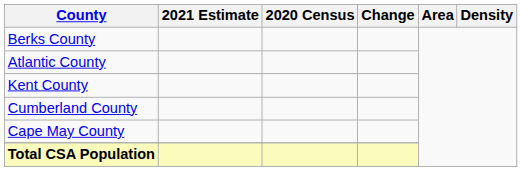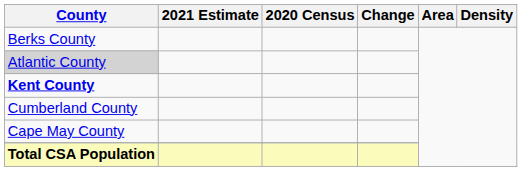 <table class="wikitable sortable">
 <tr>
 <th><a href='#'>County</a></th>
 <th>2021 Estimate</th>
 <th>2020 Census</th>
 <th>Change</th>
 <th>Area</th>
 <th>Density</th>
 </tr>
 <tr>
 <td><a href='#'>Berks County</a></td>
 <td></td>
 <td></td>
 <td></td>
 </tr>
 <tr>
-<td><a href='#'>Atlantic County</a></td>
+<td style="background: lightgrey;"><a href='#'>Atlantic County</a></td>
 <td></td>
 <td></td>
 <td></td>
 </tr>
 <tr>
-<td><a href='#'>Kent County</a></td>
+<td><strong><a href='#'>Kent County</a></strong></td>
 <td></td>
 <td></td>
 <td></td>
 </tr>
 <tr>
 <td><a href='#'>Cumberland County</a></td>
 <td></td>
 <td></td>
 <td></td>
 </tr>
 <tr>
 <td><a href='#'>Cape May County</a></td>
 <td></td>
 <td></td>
 <td></td>
 </tr>
 <tr>
 </tr>
 <tr class="sortbottom" style="background:#fbfbbb">
 <td><strong>Total CSA Population</strong></td>
 <td></td>
 <td></td>
 <td></td>
 </tr>
 </table>
